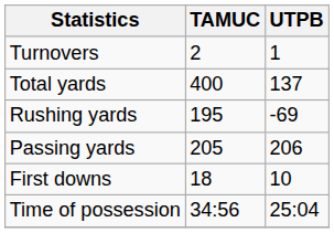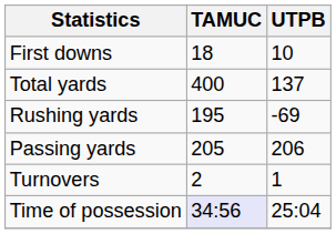 <table class="wikitable" style="float: left;">
 <tr>
 <th>Statistics</th>
 <th>TAMUC</th>
 <th>UTPB</th>
 </tr>
 <tr>
-<td>Turnovers</td>
-<td>2</td>
-<td>1</td>
+<td>First downs</td>
+<td>18</td>
+<td>10</td>
 </tr>
 <tr>
 <td>Total yards</td>
 <td>400</td>
 <td>137</td>
 </tr>
 <tr>
 <td>Rushing yards</td>
 <td>195</td>
 <td>-69</td>
 </tr>
 <tr>
 <td>Passing yards</td>
 <td>205</td>
 <td>206</td>
 </tr>
 <tr>
-<td>First downs</td>
-<td>18</td>
-<td>10</td>
+<td>Turnovers</td>
+<td>2</td>
+<td>1</td>
 </tr>
 <tr>
 <td>Time of possession</td>
-<td>34:56</td>
+<td style="background: lavender;">34:56</td>
 <td>25:04</td>
 </tr>
 <tr>
 </tr>
 </table>
